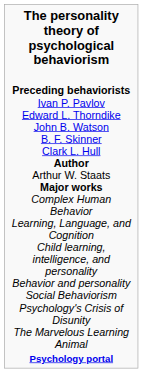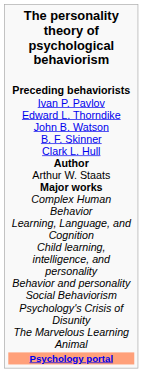 <table class="infobox" style="text-align:center; width:200px;">
 <tr>
 <td colspan="2"><big><strong>The personality theory of psychological behaviorism</strong></big></td>
 </tr>
 <tr>
 <td></td>
 </tr>
 <tr>
 <td><br><strong>Preceding behaviorists</strong><br> <a href='#'>Ivan P. Pavlov</a> <br> <a href='#'>Edward L. Thorndike</a> <br> <a href='#'>John B. Watson</a> <br> <a href='#'>B. F. Skinner</a> <br> <a href='#'>Clark L. Hull</a><br><strong>Author</strong><br> Arthur W. Staats<br><strong>Major works</strong><br> <em>Complex Human Behavior</em> <br> <em>Learning, Language, and Cognition</em><br> <em>Child learning, intelligence, and personality</em><br> <em>Behavior and personality</em><br> <em>Social Behaviorism</em><br> <em>Psychology's Crisis of Disunity</em>  <br> <em>The Marvelous Learning Animal</em><br></td>
 </tr>
 <tr>
-<td style="font-size:90%"><strong><a href='#'>Psychology portal</a></strong></td>
+<td style="background: lightsalmon; font-size:90%"><strong><a href='#'>Psychology portal</a></strong></td>
 </tr>
 </table>
